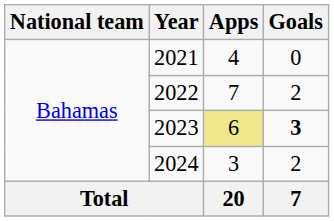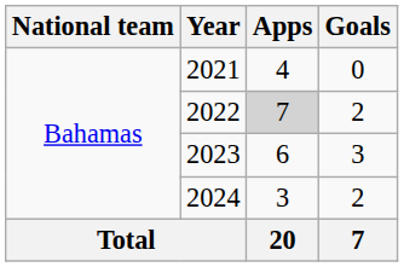 <table class="wikitable" style="text-align:center">
 <tr>
 <th>National team</th>
 <th>Year</th>
 <th>Apps</th>
 <th>Goals</th>
 </tr>
 <tr>
 <td rowspan=4><a href='#'>Bahamas</a></td>
 <td>2021</td>
 <td>4</td>
 <td>0</td>
 </tr>
 <tr>
 <td>2022</td>
-<td>7</td>
+<td style="background: lightgrey;">7</td>
 <td>2</td>
 </tr>
 <tr>
 <td>2023</td>
-<td style="background: khaki;">6</td>
-<td><strong>3</strong></td>
+<td>6</td>
+<td>3</td>
 </tr>
 <tr>
 <td>2024</td>
 <td>3</td>
 <td>2</td>
 </tr>
 <tr>
 <th colspan=2>Total</th>
 <th>20</th>
 <th>7</th>
 </tr>
 </table>
